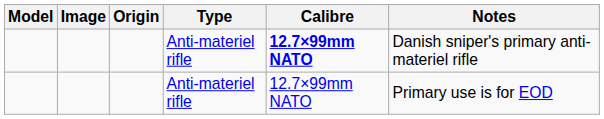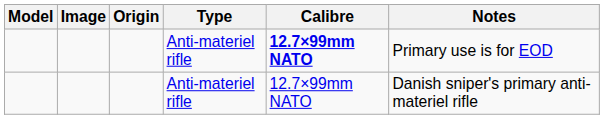 <table class="wikitable">
 <tr>
 <th>Model</th>
 <th>Image</th>
 <th>Origin</th>
 <th>Type</th>
 <th>Calibre</th>
 <th>Notes</th>
 </tr>
 <tr>
 <td></td>
 <td></td>
 <td></td>
 <td><a href='#'>Anti-materiel rifle</a></td>
 <td><strong><a href='#'>12.7×99mm NATO</a></strong></td>
-<td>Danish sniper's primary anti-materiel rifle</td>
+<td>Primary use is for <a href='#'>EOD</a></td>
 </tr>
 <tr>
 <td></td>
 <td></td>
 <td></td>
 <td><a href='#'>Anti-materiel rifle</a></td>
 <td><a href='#'>12.7×99mm NATO</a></td>
-<td>Primary use is for <a href='#'>EOD</a></td>
+<td>Danish sniper's primary anti-materiel rifle</td>
 </tr>
 </table>
